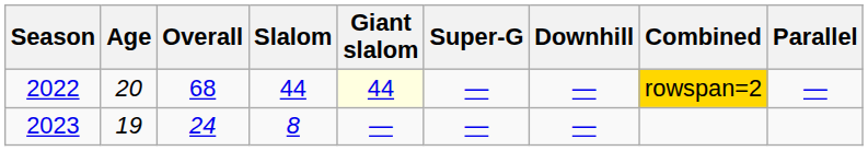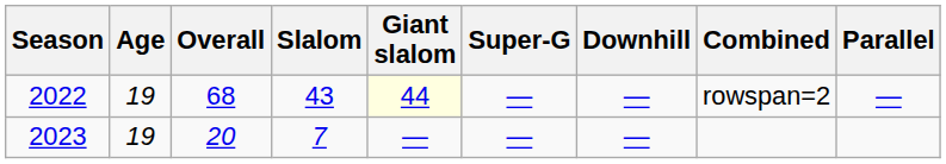 <table class=wikitable style="text-align:center">
 <tr>
 <th>Season</th>
 <th>Age</th>
 <th>Overall</th>
 <th>Slalom</th>
 <th>Giant<br>slalom</th>
 <th>Super-G</th>
 <th>Downhill</th>
 <th>Combined</th>
 <th>Parallel</th>
 </tr>
 <tr>
 <td><a href='#'>2022</a></td>
-<td><em>20</em></td>
+<td><em>19</em></td>
 <td><a href='#'>68</a></td>
-<td><a href='#'>44</a></td>
+<td><a href='#'>43</a></td>
 <td style="background: lightyellow;"><a href='#'>44</a></td>
 <td><a href='#'>—</a></td>
 <td><a href='#'>—</a></td>
-<td style="background: gold;">rowspan=2 </td>
+<td>rowspan=2 </td>
 <td><a href='#'>—</a></td>
 </tr>
 <tr>
 <td><a href='#'>2023</a></td>
 <td><em>19</em></td>
-<td><em><a href='#'>24</a></em></td>
-<td><em><a href='#'>8</a></em></td>
+<td><em><a href='#'>20</a></em></td>
+<td><em><a href='#'>7</a></em></td>
 <td><a href='#'>—</a></td>
 <td><a href='#'>—</a></td>
 <td><a href='#'>—</a></td>
 <td></td>
 </tr>
 </table>
